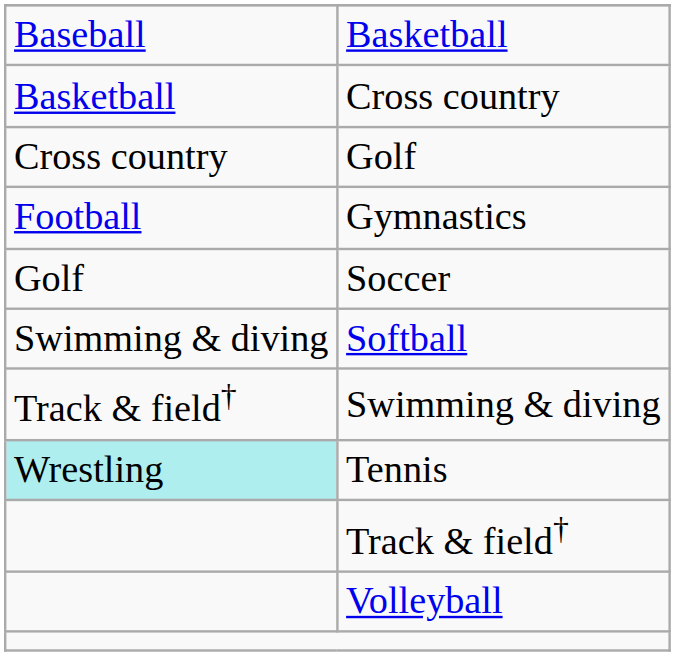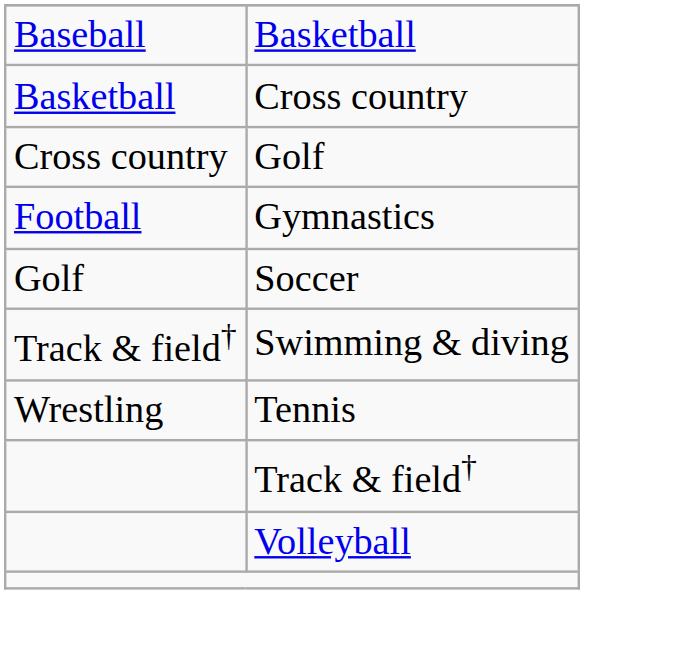 <table class="wikitable" style= " ">
 <tr>
 </tr>
 <tr>
 <td><a href='#'>Baseball</a></td>
 <td><a href='#'>Basketball</a></td>
 </tr>
 <tr>
 <td><a href='#'>Basketball</a></td>
 <td>Cross country</td>
 </tr>
 <tr>
 <td>Cross country</td>
 <td>Golf</td>
 </tr>
 <tr>
 <td><a href='#'>Football</a></td>
 <td>Gymnastics</td>
 </tr>
 <tr>
 <td>Golf</td>
 <td>Soccer</td>
 </tr>
 <tr>
-<td>Swimming & diving</td>
-<td><a href='#'>Softball</a></td>
-</tr>
-<tr>
 <td>Track & field<sup>†</sup></td>
 <td>Swimming & diving</td>
 </tr>
 <tr>
-<td style="background: paleturquoise;">Wrestling</td>
+<td>Wrestling</td>
 <td>Tennis</td>
 </tr>
 <tr>
 <td></td>
 <td>Track & field<sup>†</sup></td>
 </tr>
 <tr>
 <td></td>
 <td><a href='#'>Volleyball</a></td>
 </tr>
 <tr>
 <td colspan="2"></td>
 </tr>
 </table>
